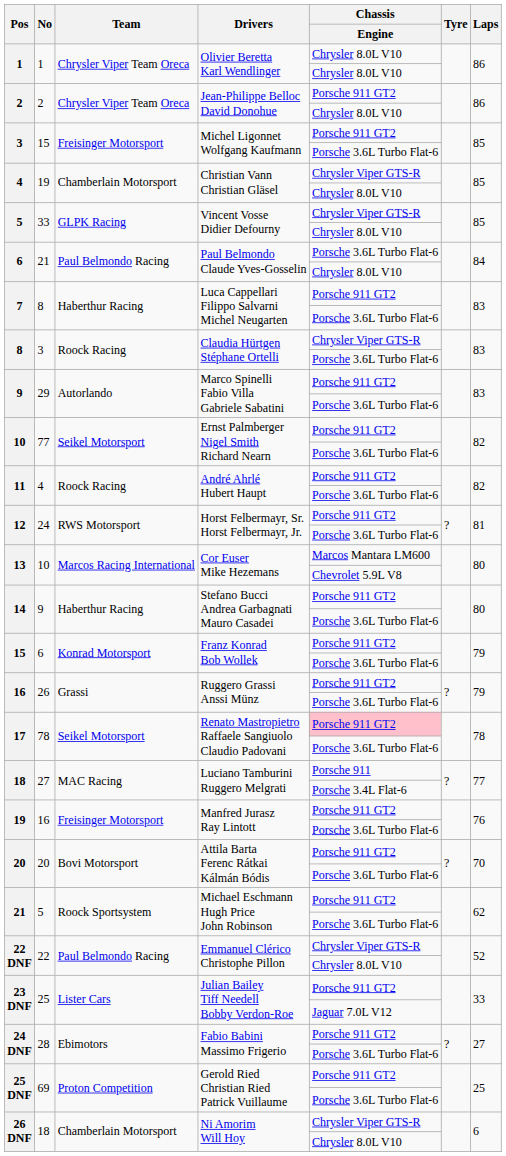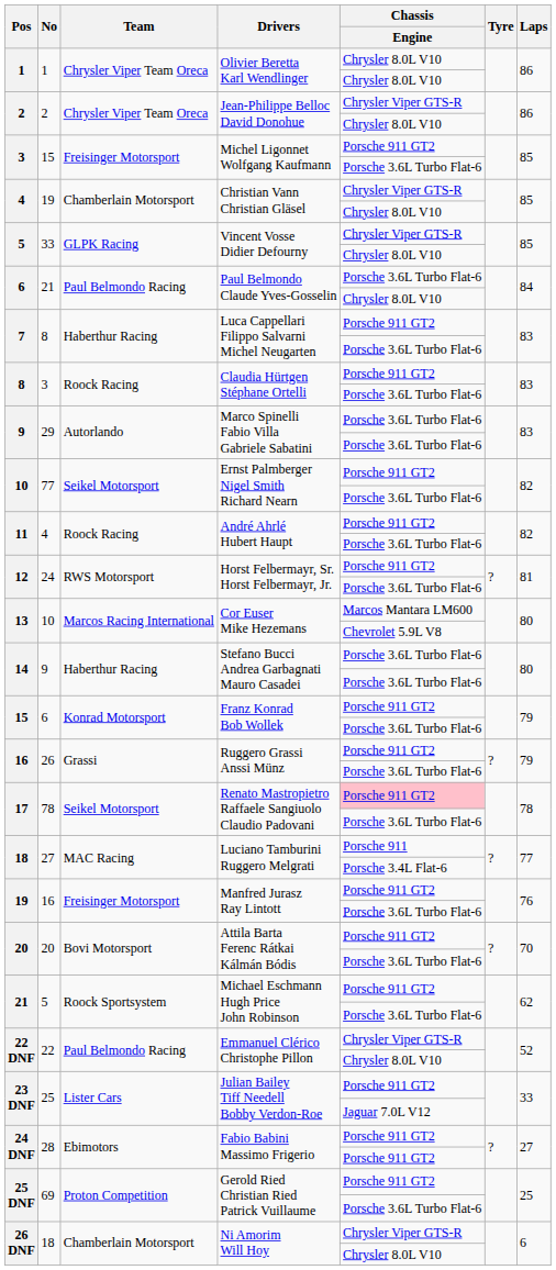 <table class="wikitable" style="font-size: 95%;">
 <tr>
 <th rowspan=2>Pos</th>
 <th rowspan=2>No</th>
 <th rowspan=2>Team</th>
 <th rowspan=2>Drivers</th>
 <th>Chassis</th>
 <th rowspan=2>Tyre</th>
 <th rowspan=2>Laps</th>
 </tr>
 <tr>
 <th>Engine</th>
 </tr>
 <tr>
 <th rowspan=2>1</th>
 <td rowspan=2>1</td>
 <td rowspan=2> <a href='#'>Chrysler Viper</a> Team <a href='#'>Oreca</a></td>
 <td rowspan=2> <a href='#'>Olivier Beretta</a><br> <a href='#'>Karl Wendlinger</a></td>
 <td><a href='#'>Chrysler</a> 8.0L V10</td>
 <td rowspan=2></td>
 <td rowspan=2>86</td>
 </tr>
 <tr>
 <td><a href='#'>Chrysler</a> 8.0L V10</td>
 </tr>
 <tr>
 <th rowspan=2>2</th>
 <td rowspan=2>2</td>
 <td rowspan=2> <a href='#'>Chrysler Viper</a> Team <a href='#'>Oreca</a></td>
 <td rowspan=2> <a href='#'>Jean-Philippe Belloc</a><br> <a href='#'>David Donohue</a></td>
-<td><a href='#'>Porsche 911 GT2</a></td>
+<td><a href='#'>Chrysler Viper GTS-R</a></td>
 <td rowspan=2></td>
 <td rowspan=2>86</td>
 </tr>
 <tr>
 <td><a href='#'>Chrysler</a> 8.0L V10</td>
 </tr>
 <tr>
 <th rowspan=2>3</th>
 <td rowspan=2>15</td>
 <td rowspan=2> <a href='#'>Freisinger Motorsport</a></td>
 <td rowspan=2> Michel Ligonnet<br> Wolfgang Kaufmann</td>
 <td><a href='#'>Porsche 911 GT2</a></td>
 <td rowspan=2></td>
 <td rowspan=2>85</td>
 </tr>
 <tr>
 <td><a href='#'>Porsche</a> 3.6L Turbo Flat-6</td>
 </tr>
 <tr>
 <th rowspan=2>4</th>
 <td rowspan=2>19</td>
 <td rowspan=2> Chamberlain Motorsport</td>
 <td rowspan=2> Christian Vann<br> Christian Gläsel</td>
 <td><a href='#'>Chrysler Viper GTS-R</a></td>
 <td rowspan=2></td>
 <td rowspan=2>85</td>
 </tr>
 <tr>
 <td><a href='#'>Chrysler</a> 8.0L V10</td>
 </tr>
 <tr>
 <th rowspan=2>5</th>
 <td rowspan=2>33</td>
 <td rowspan=2> <a href='#'>GLPK Racing</a></td>
 <td rowspan=2> Vincent Vosse<br> Didier Defourny</td>
 <td><a href='#'>Chrysler Viper GTS-R</a></td>
 <td rowspan=2></td>
 <td rowspan=2>85</td>
 </tr>
 <tr>
 <td><a href='#'>Chrysler</a> 8.0L V10</td>
 </tr>
 <tr>
 <th rowspan=2>6</th>
 <td rowspan=2>21</td>
 <td rowspan=2> <a href='#'>Paul Belmondo</a> Racing</td>
 <td rowspan=2> <a href='#'>Paul Belmondo</a><br> Claude Yves-Gosselin</td>
 <td><a href='#'>Porsche</a> 3.6L Turbo Flat-6</td>
 <td rowspan=2></td>
 <td rowspan=2>84</td>
 </tr>
 <tr>
 <td><a href='#'>Chrysler</a> 8.0L V10</td>
 </tr>
 <tr>
 <th rowspan=2>7</th>
 <td rowspan=2>8</td>
 <td rowspan=2> Haberthur Racing</td>
 <td rowspan=2> Luca Cappellari<br> Filippo Salvarni<br> Michel Neugarten</td>
 <td><a href='#'>Porsche 911 GT2</a></td>
 <td rowspan=2></td>
 <td rowspan=2>83</td>
 </tr>
 <tr>
 <td><a href='#'>Porsche</a> 3.6L Turbo Flat-6</td>
 </tr>
 <tr>
 <th rowspan=2>8</th>
 <td rowspan=2>3</td>
 <td rowspan=2> Roock Racing</td>
 <td rowspan=2> <a href='#'>Claudia Hürtgen</a><br> <a href='#'>Stéphane Ortelli</a></td>
-<td><a href='#'>Chrysler Viper GTS-R</a></td>
+<td><a href='#'>Porsche 911 GT2</a></td>
 <td rowspan=2></td>
 <td rowspan=2>83</td>
 </tr>
 <tr>
 <td><a href='#'>Porsche</a> 3.6L Turbo Flat-6</td>
 </tr>
 <tr>
 <th rowspan=2>9</th>
 <td rowspan=2>29</td>
 <td rowspan=2> Autorlando</td>
 <td rowspan=2> Marco Spinelli<br> Fabio Villa<br> Gabriele Sabatini</td>
-<td><a href='#'>Porsche 911 GT2</a></td>
+<td><a href='#'>Porsche</a> 3.6L Turbo Flat-6</td>
 <td rowspan=2></td>
 <td rowspan=2>83</td>
 </tr>
 <tr>
 <td><a href='#'>Porsche</a> 3.6L Turbo Flat-6</td>
 </tr>
 <tr>
 <th rowspan=2>10</th>
 <td rowspan=2>77</td>
 <td rowspan=2> <a href='#'>Seikel Motorsport</a></td>
 <td rowspan=2> Ernst Palmberger<br> <a href='#'>Nigel Smith</a><br> Richard Nearn</td>
 <td><a href='#'>Porsche 911 GT2</a></td>
 <td rowspan=2></td>
 <td rowspan=2>82</td>
 </tr>
 <tr>
 <td><a href='#'>Porsche</a> 3.6L Turbo Flat-6</td>
 </tr>
 <tr>
 <th rowspan=2>11</th>
 <td rowspan=2>4</td>
 <td rowspan=2> Roock Racing</td>
 <td rowspan=2> <a href='#'>André Ahrlé</a><br> Hubert Haupt</td>
 <td><a href='#'>Porsche 911 GT2</a></td>
 <td rowspan=2></td>
 <td rowspan=2>82</td>
 </tr>
 <tr>
 <td><a href='#'>Porsche</a> 3.6L Turbo Flat-6</td>
 </tr>
 <tr>
 <th rowspan=2>12</th>
 <td rowspan=2>24</td>
 <td rowspan=2> RWS Motorsport</td>
 <td rowspan=2> Horst Felbermayr, Sr.<br> Horst Felbermayr, Jr.</td>
 <td><a href='#'>Porsche 911 GT2</a></td>
 <td rowspan=2>?</td>
 <td rowspan=2>81</td>
 </tr>
 <tr>
 <td><a href='#'>Porsche</a> 3.6L Turbo Flat-6</td>
 </tr>
 <tr>
 <th rowspan=2>13</th>
 <td rowspan=2>10</td>
 <td rowspan=2> <a href='#'>Marcos Racing International</a></td>
 <td rowspan=2> <a href='#'>Cor Euser</a><br> Mike Hezemans</td>
 <td><a href='#'>Marcos</a> Mantara LM600</td>
 <td rowspan=2></td>
 <td rowspan=2>80</td>
 </tr>
 <tr>
 <td><a href='#'>Chevrolet</a> 5.9L V8</td>
 </tr>
 <tr>
 <th rowspan=2>14</th>
 <td rowspan=2>9</td>
 <td rowspan=2> Haberthur Racing</td>
 <td rowspan=2> Stefano Bucci<br> Andrea Garbagnati<br> Mauro Casadei</td>
-<td><a href='#'>Porsche 911 GT2</a></td>
+<td><a href='#'>Porsche</a> 3.6L Turbo Flat-6</td>
 <td rowspan=2></td>
 <td rowspan=2>80</td>
 </tr>
 <tr>
 <td><a href='#'>Porsche</a> 3.6L Turbo Flat-6</td>
 </tr>
 <tr>
 <th rowspan=2>15</th>
 <td rowspan=2>6</td>
 <td rowspan=2> <a href='#'>Konrad Motorsport</a></td>
 <td rowspan=2> <a href='#'>Franz Konrad</a><br> <a href='#'>Bob Wollek</a></td>
 <td><a href='#'>Porsche 911 GT2</a></td>
 <td rowspan=2></td>
 <td rowspan=2>79</td>
 </tr>
 <tr>
 <td><a href='#'>Porsche</a> 3.6L Turbo Flat-6</td>
 </tr>
 <tr>
 <th rowspan=2>16</th>
 <td rowspan=2>26</td>
 <td rowspan=2> Grassi</td>
 <td rowspan=2> Ruggero Grassi<br> Anssi Münz</td>
 <td><a href='#'>Porsche 911 GT2</a></td>
 <td rowspan=2>?</td>
 <td rowspan=2>79</td>
 </tr>
 <tr>
 <td><a href='#'>Porsche</a> 3.6L Turbo Flat-6</td>
 </tr>
 <tr>
 <th rowspan=2>17</th>
 <td rowspan=2>78</td>
 <td rowspan=2> <a href='#'>Seikel Motorsport</a></td>
 <td rowspan=2> <a href='#'>Renato Mastropietro</a><br> Raffaele Sangiuolo<br> Claudio Padovani</td>
 <td style="background: pink;"><a href='#'>Porsche 911 GT2</a></td>
 <td rowspan=2></td>
 <td rowspan=2>78</td>
 </tr>
 <tr>
 <td><a href='#'>Porsche</a> 3.6L Turbo Flat-6</td>
 </tr>
 <tr>
 <th rowspan=2>18</th>
 <td rowspan=2>27</td>
 <td rowspan=2> MAC Racing</td>
 <td rowspan=2> Luciano Tamburini<br> Ruggero Melgrati</td>
 <td><a href='#'>Porsche 911</a></td>
 <td rowspan=2>?</td>
 <td rowspan=2>77</td>
 </tr>
 <tr>
 <td><a href='#'>Porsche</a> 3.4L Flat-6</td>
 </tr>
 <tr>
 <th rowspan=2>19</th>
 <td rowspan=2>16</td>
 <td rowspan=2> <a href='#'>Freisinger Motorsport</a></td>
 <td rowspan=2> Manfred Jurasz<br> Ray Lintott</td>
 <td><a href='#'>Porsche 911 GT2</a></td>
 <td rowspan=2></td>
 <td rowspan=2>76</td>
 </tr>
 <tr>
 <td><a href='#'>Porsche</a> 3.6L Turbo Flat-6</td>
 </tr>
 <tr>
 <th rowspan=2>20</th>
 <td rowspan=2>20</td>
 <td rowspan=2> Bovi Motorsport</td>
 <td rowspan=2> Attila Barta<br> Ferenc Rátkai<br> Kálmán Bódis</td>
 <td><a href='#'>Porsche 911 GT2</a></td>
 <td rowspan=2>?</td>
 <td rowspan=2>70</td>
 </tr>
 <tr>
 <td><a href='#'>Porsche</a> 3.6L Turbo Flat-6</td>
 </tr>
 <tr>
 <th rowspan=2>21</th>
 <td rowspan=2>5</td>
 <td rowspan=2> Roock Sportsystem</td>
 <td rowspan=2> Michael Eschmann<br> Hugh Price<br> John Robinson</td>
 <td><a href='#'>Porsche 911 GT2</a></td>
 <td rowspan=2></td>
 <td rowspan=2>62</td>
 </tr>
 <tr>
 <td><a href='#'>Porsche</a> 3.6L Turbo Flat-6</td>
 </tr>
 <tr>
 <th rowspan=2>22<br>DNF</th>
 <td rowspan=2>22</td>
 <td rowspan=2> <a href='#'>Paul Belmondo</a> Racing</td>
 <td rowspan=2> <a href='#'>Emmanuel Clérico</a><br> Christophe Pillon</td>
 <td><a href='#'>Chrysler Viper GTS-R</a></td>
 <td rowspan=2></td>
 <td rowspan=2>52</td>
 </tr>
 <tr>
 <td><a href='#'>Chrysler</a> 8.0L V10</td>
 </tr>
 <tr>
 <th rowspan=2>23<br>DNF</th>
 <td rowspan=2>25</td>
 <td rowspan=2> <a href='#'>Lister Cars</a></td>
 <td rowspan=2> <a href='#'>Julian Bailey</a><br> <a href='#'>Tiff Needell</a><br> <a href='#'>Bobby Verdon-Roe</a></td>
 <td><a href='#'>Porsche 911 GT2</a></td>
 <td rowspan=2></td>
 <td rowspan=2>33</td>
 </tr>
 <tr>
 <td><a href='#'>Jaguar</a> 7.0L V12</td>
 </tr>
 <tr>
 <th rowspan=2>24<br>DNF</th>
 <td rowspan=2>28</td>
 <td rowspan=2> Ebimotors</td>
 <td rowspan=2> <a href='#'>Fabio Babini</a><br> Massimo Frigerio</td>
 <td><a href='#'>Porsche 911 GT2</a></td>
 <td rowspan=2>?</td>
 <td rowspan=2>27</td>
 </tr>
 <tr>
-<td><a href='#'>Porsche</a> 3.6L Turbo Flat-6</td>
+<td><a href='#'>Porsche 911 GT2</a></td>
 </tr>
 <tr>
 <th rowspan=2>25<br>DNF</th>
 <td rowspan=2>69</td>
 <td rowspan=2> <a href='#'>Proton Competition</a></td>
 <td rowspan=2> Gerold Ried<br> Christian Ried<br> Patrick Vuillaume</td>
 <td><a href='#'>Porsche 911 GT2</a></td>
 <td rowspan=2></td>
 <td rowspan=2>25</td>
 </tr>
 <tr>
 <td><a href='#'>Porsche</a> 3.6L Turbo Flat-6</td>
 </tr>
 <tr>
 <th rowspan=2>26<br>DNF</th>
 <td rowspan=2>18</td>
 <td rowspan=2> Chamberlain Motorsport</td>
 <td rowspan=2> <a href='#'>Ni Amorim</a><br> <a href='#'>Will Hoy</a></td>
 <td><a href='#'>Chrysler Viper GTS-R</a></td>
 <td rowspan=2></td>
 <td rowspan=2>6</td>
 </tr>
 <tr>
 <td><a href='#'>Chrysler</a> 8.0L V10</td>
 </tr>
 </table>
